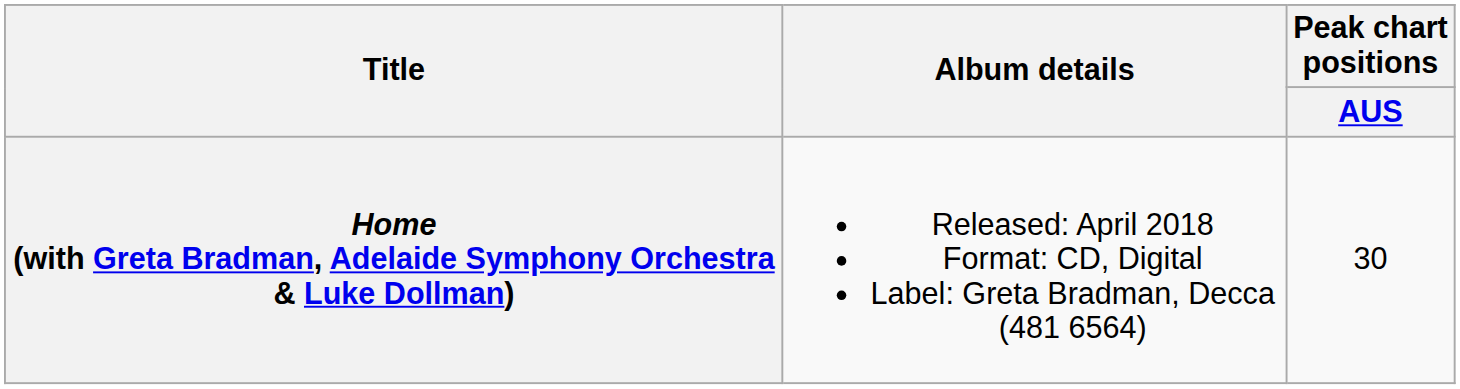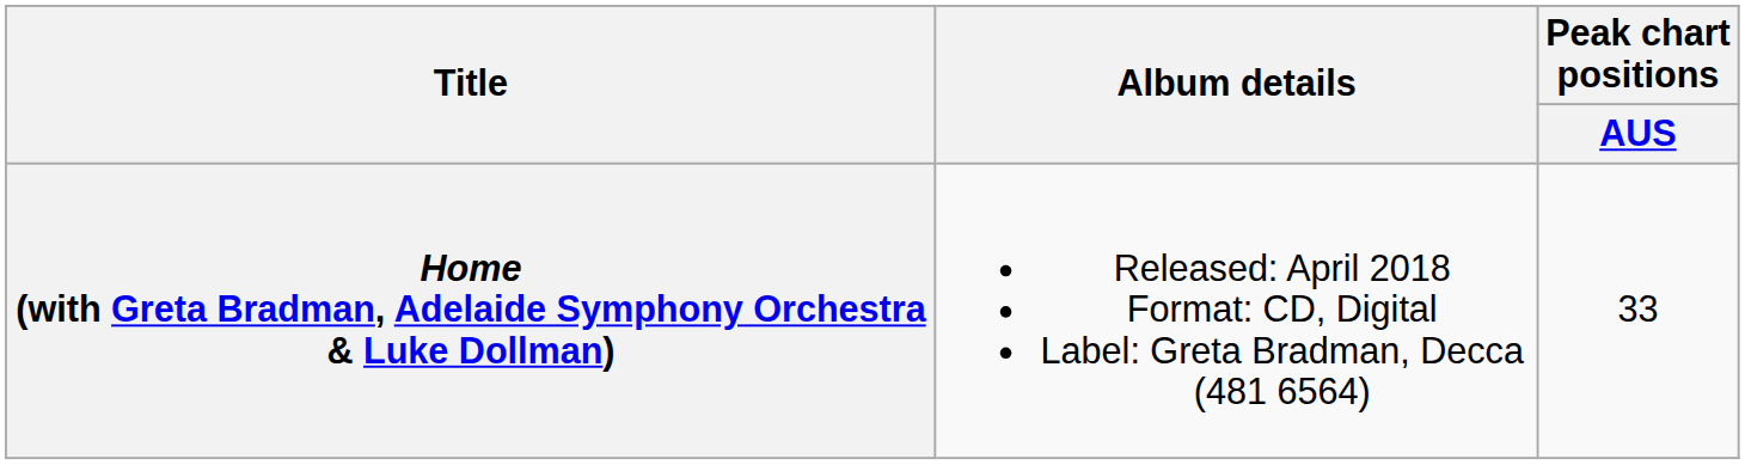 <table class="wikitable plainrowheaders" style="text-align:center;" border="1">
 <tr>
 <th scope="col" rowspan="2" style="width:25em;">Title</th>
 <th scope="col" rowspan="2" style="width:16em;">Album details</th>
 <th scope="col" colspan="1">Peak chart<br>positions</th>
 </tr>
 <tr>
 <th scope="col" style="text-align:center;"><a href='#'>AUS</a><br></th>
 </tr>
 <tr>
 <th scope="row"><em>Home</em> <br> (with <a href='#'>Greta Bradman</a>, <a href='#'>Adelaide Symphony Orchestra</a> & <a href='#'>Luke Dollman</a>)</th>
 <td><br><ul><li>Released: April 2018</li><li>Format: CD, Digital</li><li>Label: Greta Bradman, Decca (481 6564)</li></ul></td>
-<td align="center">30</td>
+<td align="center">33</td>
 </tr>
 </table>
